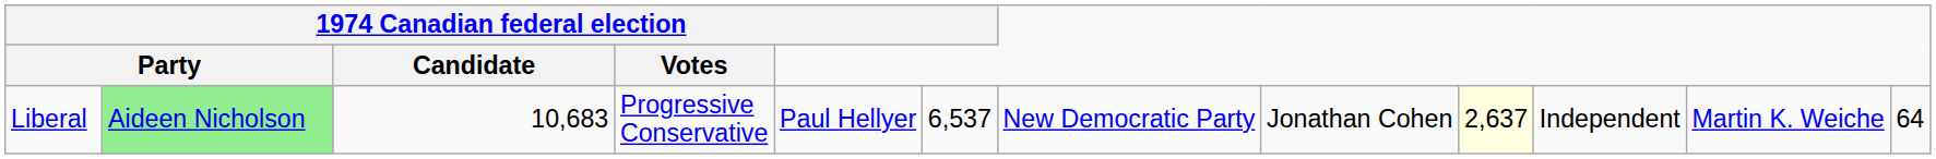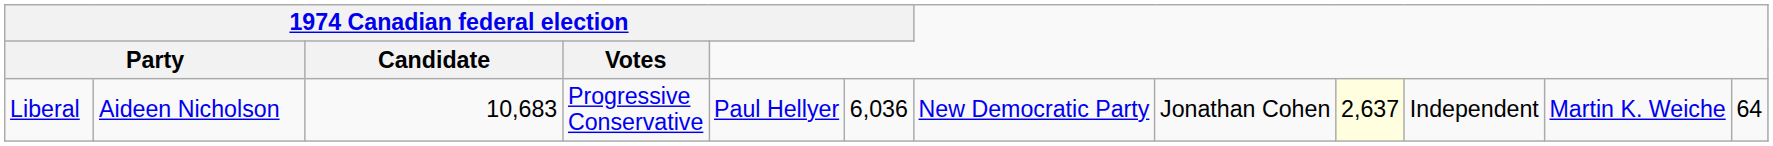 <table class="wikitable">
 <tr style="background:#e9e9e9;">
 <th colspan="6"><a href='#'>1974 Canadian federal election</a></th>
 </tr>
 <tr style="background:#e9e9e9;">
 <th colspan="2" style="width: 200px">Party</th>
 <th style="width: 170px">Candidate</th>
 <th style="width: 40px">Votes</th>
 </tr>
 <tr>
 <td><a href='#'>Liberal</a></td>
-<td style="background: lightgreen;"><a href='#'>Aideen Nicholson</a></td>
+<td><a href='#'>Aideen Nicholson</a></td>
 <td align="right">10,683<br></td>
 <td><a href='#'>Progressive Conservative</a></td>
 <td><a href='#'>Paul Hellyer</a></td>
-<td align="right">6,537<br></td>
+<td align="right">6,036<br></td>
 <td><a href='#'>New Democratic Party</a></td>
 <td>Jonathan Cohen</td>
 <td align="right" style="background: lightyellow;">2,637<br>  </td>
 <td>Independent</td>
 <td><a href='#'>Martin K. Weiche</a></td>
 <td align="right">64</td>
 </tr>
 </table>
